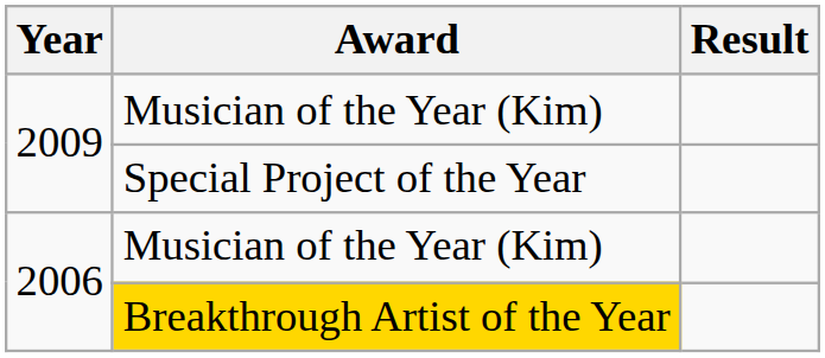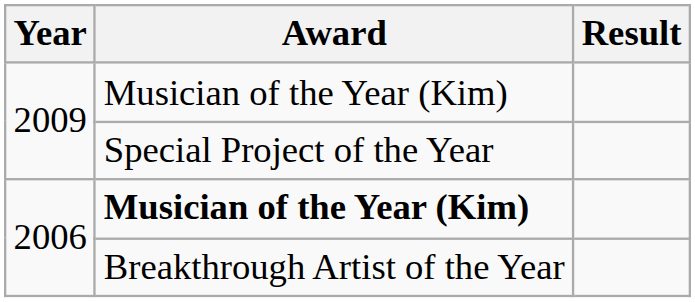 <table class="wikitable">
 <tr>
 <th>Year</th>
 <th>Award</th>
 <th>Result</th>
 </tr>
 <tr>
 <td rowspan="2">2009</td>
 <td>Musician of the Year (Kim)</td>
 <td></td>
 </tr>
 <tr>
 <td>Special Project of the Year</td>
 <td></td>
 </tr>
 <tr>
 <td rowspan="2">2006</td>
-<td>Musician of the Year (Kim)</td>
+<td><strong>Musician of the Year (Kim)</strong></td>
 <td></td>
 </tr>
 <tr>
-<td style="background: gold;">Breakthrough Artist of the Year</td>
+<td>Breakthrough Artist of the Year</td>
 <td></td>
 </tr>
 </table>
